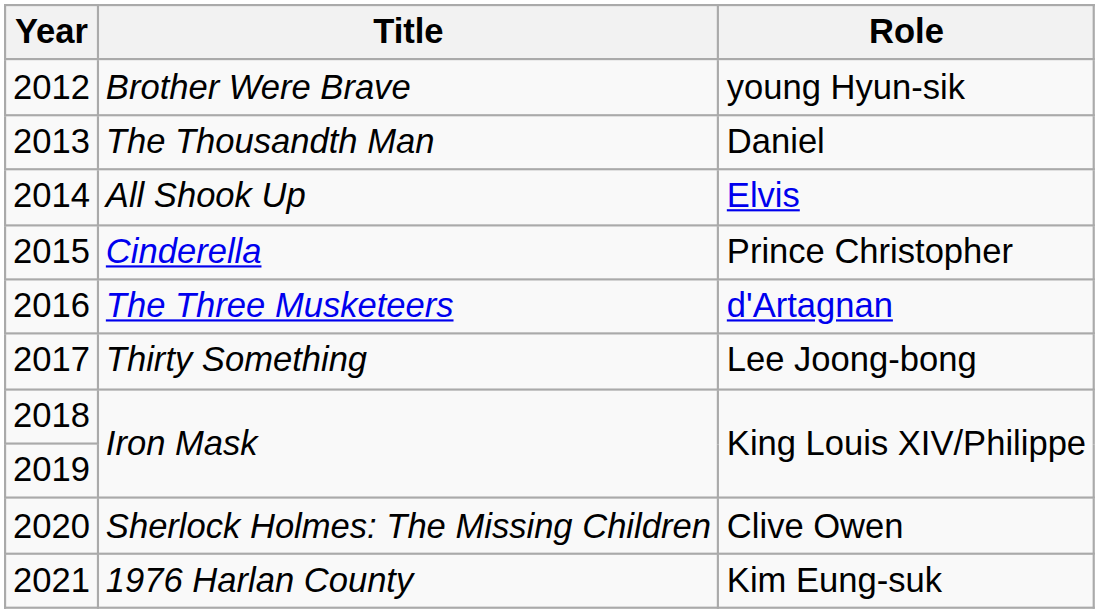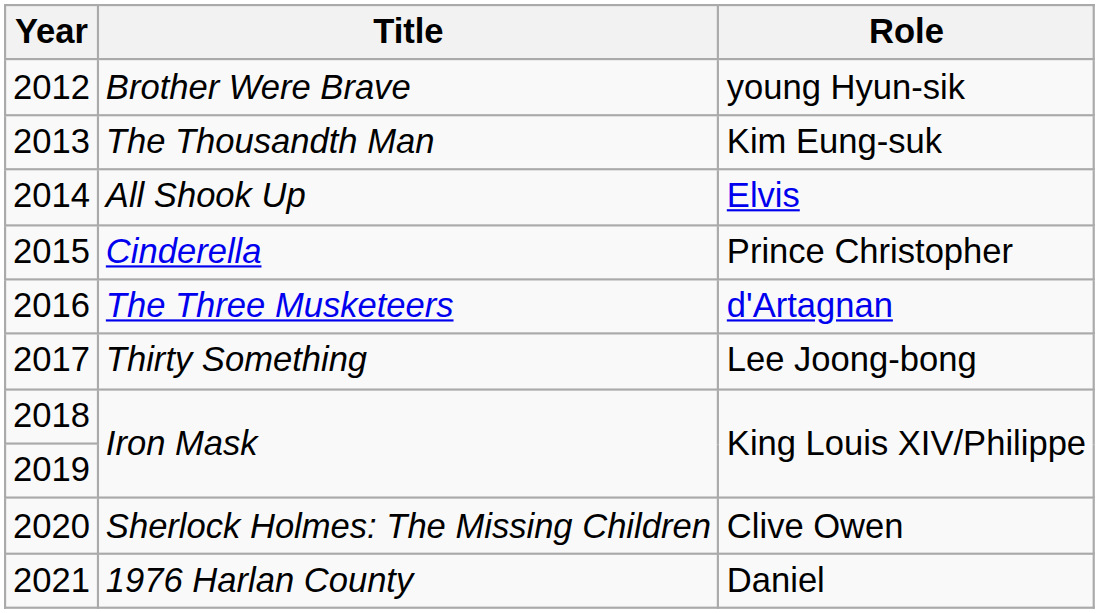 <table class="wikitable">
 <tr>
 <th>Year</th>
 <th>Title</th>
 <th>Role</th>
 </tr>
 <tr>
 <td>2012</td>
 <td><em>Brother Were Brave</em></td>
 <td>young Hyun-sik</td>
 </tr>
 <tr>
 <td>2013</td>
 <td><em>The Thousandth Man</em></td>
-<td>Daniel</td>
+<td>Kim Eung-suk</td>
 </tr>
 <tr>
 <td>2014</td>
 <td><em>All Shook Up</em></td>
 <td><a href='#'>Elvis</a></td>
 </tr>
 <tr>
 <td>2015</td>
 <td><em><a href='#'>Cinderella</a></em></td>
 <td>Prince Christopher</td>
 </tr>
 <tr>
 <td>2016</td>
 <td><em><a href='#'>The Three Musketeers</a></em></td>
 <td><a href='#'>d'Artagnan</a></td>
 </tr>
 <tr>
 <td>2017</td>
 <td><em>Thirty Something</em></td>
 <td>Lee Joong-bong</td>
 </tr>
 <tr>
 <td>2018</td>
 <td rowspan="2"><em>Iron Mask</em></td>
 <td rowspan="2">King Louis XIV/Philippe</td>
 </tr>
 <tr>
 <td>2019</td>
 </tr>
 <tr>
 <td>2020</td>
 <td><em>Sherlock Holmes: The Missing Children</em></td>
 <td>Clive Owen</td>
 </tr>
 <tr>
 <td>2021</td>
 <td><em>1976 Harlan County</em></td>
-<td>Kim Eung-suk</td>
+<td>Daniel</td>
 </tr>
 </table>
